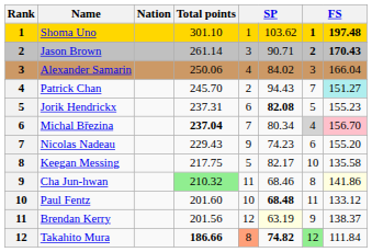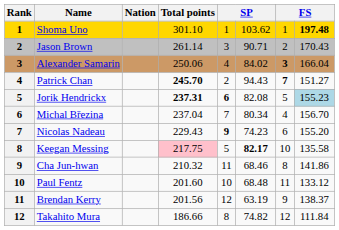 <table class="wikitable sortable">
 <tr>
 <th>Rank</th>
 <th>Name</th>
 <th>Nation</th>
 <th>Total points</th>
 <th colspan="2" width="80px"><a href='#'>SP</a></th>
 <th colspan="2" width="80px"><a href='#'>FS</a></th>
 </tr>
 <tr bgcolor="gold">
 <td align="center"><strong>1</strong></td>
 <td><a href='#'>Shoma Uno</a></td>
 <td></td>
 <td align="center">301.10</td>
 <td align="center">1</td>
 <td align="center">103.62</td>
-<td align="center"><strong>1</strong></td>
+<td align="center">1</td>
 <td align="center"><strong>197.48</strong></td>
 </tr>
 <tr bgcolor="silver">
 <td align="center"><strong>2</strong></td>
 <td><a href='#'>Jason Brown</a></td>
 <td></td>
 <td align="center">261.14</td>
 <td align="center">3</td>
 <td align="center">90.71</td>
-<td align="center"><strong>2</strong></td>
-<td align="center"><strong>170.43</strong></td>
+<td align="center">2</td>
+<td align="center">170.43</td>
 </tr>
 <tr bgcolor="cc9966">
 <td align="center"><strong>3</strong></td>
 <td><a href='#'>Alexander Samarin</a></td>
 <td></td>
 <td align="center">250.06</td>
 <td align="center">4</td>
 <td align="center">84.02</td>
-<td align="center">3</td>
+<td align="center"><strong>3</strong></td>
 <td align="center">166.04</td>
 </tr>
 <tr>
 <th>4</th>
 <td><a href='#'>Patrick Chan</a></td>
 <td></td>
-<td align="center">245.70</td>
+<td align="center"><strong>245.70</strong></td>
 <td align="center">2</td>
 <td align="center">94.43</td>
-<td align="center">7</td>
-<td align="center" style="background: paleturquoise;">151.27</td>
+<td align="center"><strong>7</strong></td>
+<td align="center">151.27</td>
 </tr>
 <tr>
 <th>5</th>
 <td><a href='#'>Jorik Hendrickx</a></td>
 <td></td>
-<td align="center">237.31</td>
-<td align="center">6</td>
-<td align="center"><strong>82.08</strong></td>
+<td align="center"><strong>237.31</strong></td>
+<td align="center"><strong>6</strong></td>
+<td align="center">82.08</td>
 <td align="center">5</td>
-<td align="center">155.23</td>
+<td align="center" style="background: lightblue;">155.23</td>
 </tr>
 <tr>
 <th>6</th>
 <td><a href='#'>Michal Březina</a></td>
 <td></td>
-<td align="center"><strong>237.04</strong></td>
+<td align="center">237.04</td>
 <td align="center">7</td>
 <td align="center">80.34</td>
-<td align="center" style="background: lightgrey;">4</td>
-<td align="center" style="background: pink;">156.70</td>
+<td align="center">4</td>
+<td align="center">156.70</td>
 </tr>
 <tr>
 <th>7</th>
 <td><a href='#'>Nicolas Nadeau</a></td>
 <td></td>
 <td align="center">229.43</td>
-<td align="center">9</td>
+<td align="center"><strong>9</strong></td>
 <td align="center">74.23</td>
 <td align="center">6</td>
 <td align="center">155.20</td>
 </tr>
 <tr>
 <th>8</th>
 <td><a href='#'>Keegan Messing</a></td>
 <td></td>
-<td align="center">217.75</td>
+<td align="center" style="background: pink;">217.75</td>
 <td align="center">5</td>
-<td align="center">82.17</td>
+<td align="center"><strong>82.17</strong></td>
 <td align="center">10</td>
 <td align="center">135.58</td>
 </tr>
 <tr>
 <th>9</th>
 <td><a href='#'>Cha Jun-hwan</a></td>
 <td></td>
-<td align="center" style="background: lightgreen;">210.32</td>
+<td align="center">210.32</td>
 <td align="center">11</td>
 <td align="center">68.46</td>
 <td align="center">8</td>
-<td align="center" style="background: lightyellow;">141.86</td>
+<td align="center">141.86</td>
 </tr>
 <tr>
 <th>10</th>
 <td><a href='#'>Paul Fentz</a></td>
 <td></td>
 <td align="center">201.60</td>
 <td align="center">10</td>
-<td align="center"><strong>68.48</strong></td>
+<td align="center">68.48</td>
 <td align="center">11</td>
 <td align="center">133.12</td>
 </tr>
 <tr>
 <th>11</th>
 <td><a href='#'>Brendan Kerry</a></td>
 <td></td>
 <td align="center">201.56</td>
 <td align="center">12</td>
-<td align="center" style="background: lightyellow;">63.19</td>
+<td align="center">63.19</td>
 <td align="center">9</td>
 <td align="center">138.37</td>
 </tr>
 <tr>
 <th>12</th>
 <td><a href='#'>Takahito Mura</a></td>
 <td></td>
-<td align="center"><strong>186.66</strong></td>
-<td align="center" style="background: lightsalmon;">8</td>
-<td align="center"><strong>74.82</strong></td>
-<td align="center" style="background: lightgreen;">12</td>
+<td align="center">186.66</td>
+<td align="center">8</td>
+<td align="center">74.82</td>
+<td align="center">12</td>
 <td align="center">111.84</td>
 </tr>
 </table>
